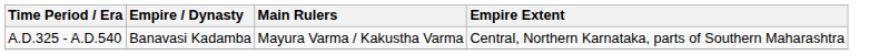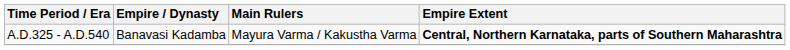 <table class="wikitable">
 <tr>
 <th style="text-align: left;">Time Period / Era</th>
 <th style="text-align: left;">Empire / Dynasty</th>
 <th style="text-align: left;">Main Rulers</th>
 <th style="text-align: left;">Empire Extent</th>
 </tr>
 <tr>
 <td>A.D.325 - A.D.540</td>
 <td>Banavasi Kadamba</td>
 <td>Mayura Varma / Kakustha Varma</td>
-<td>Central, Northern Karnataka, parts of Southern Maharashtra</td>
+<td><strong>Central, Northern Karnataka, parts of Southern Maharashtra</strong></td>
 </tr>
 <tr>
 </tr>
 </table>
